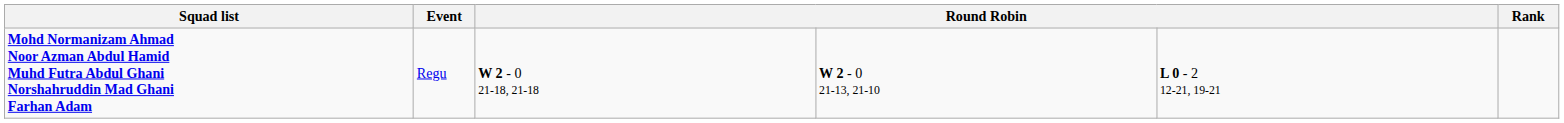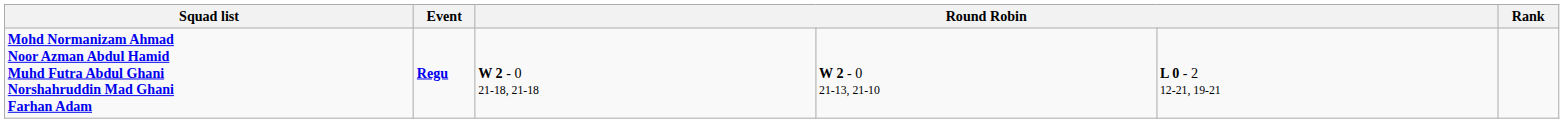 <table class="wikitable" width="80%" style="text-align:center; font-size:90%">
 <tr>
 <th width=20%>Squad list</th>
 <th width=3%>Event</th>
 <th colspan=3 width="50%">Round Robin</th>
 <th width=3%>Rank</th>
 </tr>
 <tr>
 <td align="left"><strong><a href='#'>Mohd Normanizam Ahmad</a><br><a href='#'>Noor Azman Abdul Hamid</a><br><a href='#'>Muhd Futra Abdul Ghani</a><br><a href='#'>Norshahruddin Mad Ghani</a><br><a href='#'>Farhan Adam</a></strong></td>
-<td align="left"><a href='#'>Regu</a></td>
+<td align="left"><strong><a href='#'>Regu</a></strong></td>
 <td align="left"><br><strong>W 2</strong> - 0<br><small>21-18, 21-18</small></td>
 <td align="left"><br><strong>W 2</strong> - 0<br><small>21-13, 21-10</small></td>
 <td align="left"><br><strong>L 0</strong> - 2<br><small>12-21, 19-21</small></td>
 <td></td>
 </tr>
 </table>
